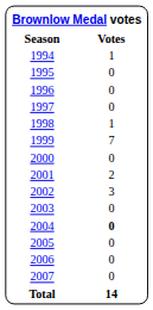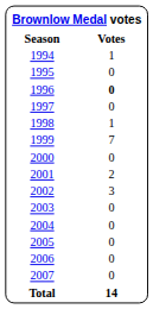 <table table style="margin-right: 4px; margin-top: 8px; float: right; border: 1px #000000 solid; border-radius: 8px; background: #FFFFFF; font-family: Verdana; font-size: 8pt; text-align: center;">
 <tr style="background:#FFFFFF;">
 <td colspan=2; style="padding: 3px; margin-bottom: -3px; margin-top: 2px; font-family: Arial; background:#FFFFFF;"><strong><a href='#'>Brownlow Medal</a> votes</strong></td>
 </tr>
 <tr>
 <th width=50%>Season</th>
 <th width=50%>Votes</th>
 </tr>
 <tr>
 <td><a href='#'>1994</a></td>
 <td>1</td>
 </tr>
 <tr>
 <td><a href='#'>1995</a></td>
 <td>0</td>
 </tr>
 <tr>
 <td><a href='#'>1996</a></td>
-<td>0</td>
+<td><strong>0</strong></td>
 </tr>
 <tr>
 <td><a href='#'>1997</a></td>
 <td>0</td>
 </tr>
 <tr>
 <td><a href='#'>1998</a></td>
 <td>1</td>
 </tr>
 <tr>
 <td><a href='#'>1999</a></td>
 <td>7</td>
 </tr>
 <tr>
 <td><a href='#'>2000</a></td>
 <td>0</td>
 </tr>
 <tr>
 <td><a href='#'>2001</a></td>
 <td>2</td>
 </tr>
 <tr>
 <td><a href='#'>2002</a></td>
 <td>3</td>
 </tr>
 <tr>
 <td><a href='#'>2003</a></td>
 <td>0</td>
 </tr>
 <tr>
 <td><a href='#'>2004</a></td>
-<td><strong>0</strong></td>
+<td>0</td>
 </tr>
 <tr>
 <td><a href='#'>2005</a></td>
 <td>0</td>
 </tr>
 <tr>
 <td><a href='#'>2006</a></td>
 <td>0</td>
 </tr>
 <tr>
 <td><a href='#'>2007</a></td>
 <td>0</td>
 </tr>
 <tr>
 <td><strong>Total</strong></td>
 <td><strong>14</strong></td>
 </tr>
 </table>
